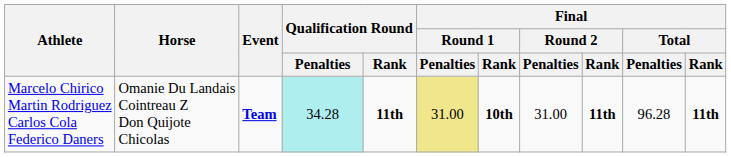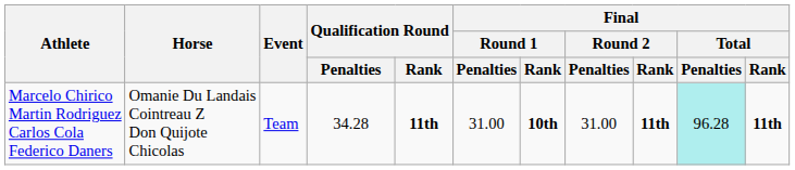 <table class=wikitable style="font-size:90%">
 <tr>
 <th rowspan=3>Athlete</th>
 <th rowspan=3>Horse</th>
 <th rowspan=3>Event</th>
 <th colspan=2 rowspan=2>Qualification Round</th>
 <th colspan=8>Final</th>
 </tr>
 <tr>
 <th colspan=2>Round 1</th>
 <th colspan=2>Round 2</th>
 <th colspan=2>Total</th>
 </tr>
 <tr>
 <th>Penalties</th>
 <th>Rank</th>
 <th>Penalties</th>
 <th>Rank</th>
 <th>Penalties</th>
 <th>Rank</th>
 <th>Penalties</th>
 <th>Rank</th>
 </tr>
 <tr>
 <td><a href='#'>Marcelo Chirico</a><br><a href='#'>Martin Rodriguez</a><br><a href='#'>Carlos Cola</a><br><a href='#'>Federico Daners</a></td>
 <td>Omanie Du Landais<br>Cointreau Z<br>Don Quijote<br>Chicolas</td>
-<td><strong><a href='#'>Team</a></strong></td>
-<td align=center style="background: paleturquoise;">34.28</td>
+<td><a href='#'>Team</a></td>
+<td align=center>34.28</td>
 <td align=center><strong>11th</strong></td>
-<td align=center style="background: khaki;">31.00</td>
+<td align=center>31.00</td>
 <td align=center><strong>10th</strong></td>
 <td align=center>31.00</td>
 <td align=center><strong>11th</strong></td>
-<td align=center>96.28</td>
+<td align=center style="background: paleturquoise;">96.28</td>
 <td align=center><strong>11th</strong></td>
 </tr>
 </table>
